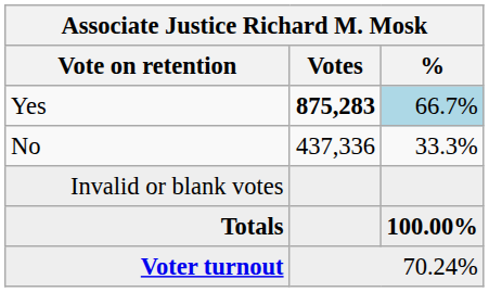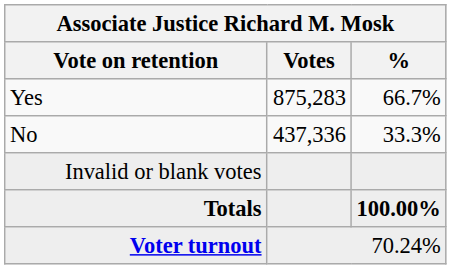 <table class="wikitable" style="font-size: 95%;">
 <tr style="background-color:#E9E9E9">
 <th colspan=7>Associate Justice Richard M. Mosk</th>
 </tr>
 <tr style="background-color:#E9E9E9">
 <th style="width: 170px">Vote on retention</th>
 <th style="width: 50px">Votes</th>
 <th style="width: 40px">%</th>
 </tr>
 <tr>
 <td>Yes</td>
-<td align="right"><strong>875,283</strong></td>
-<td align="right" style="background: lightblue;">66.7%</td>
+<td align="right">875,283</td>
+<td align="right">66.7%</td>
 </tr>
 <tr>
 <td>No</td>
 <td align="right">437,336</td>
 <td align="right">33.3%</td>
 </tr>
 <tr bgcolor="#EEEEEE">
 <td align="right">Invalid or blank votes</td>
 <td align="right"></td>
 <td align="right"></td>
 </tr>
 <tr bgcolor="#EEEEEE">
 <td align="right"><strong>Totals</strong></td>
 <td align="right"><strong></strong></td>
 <td align="right"><strong>100.00%</strong></td>
 </tr>
 <tr bgcolor="#EEEEEE">
 <td align="right"><strong><a href='#'>Voter turnout</a></strong></td>
 <td colspan="2" align="right">70.24%</td>
 </tr>
 </table>
